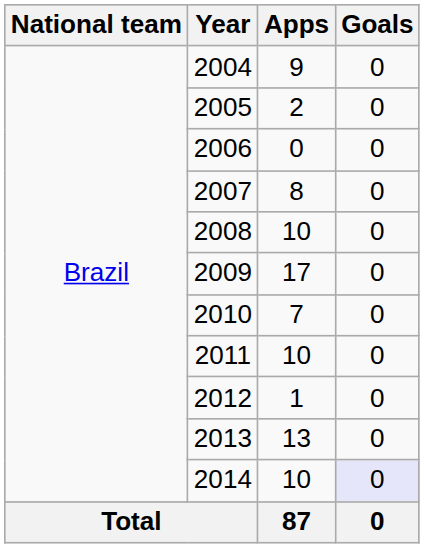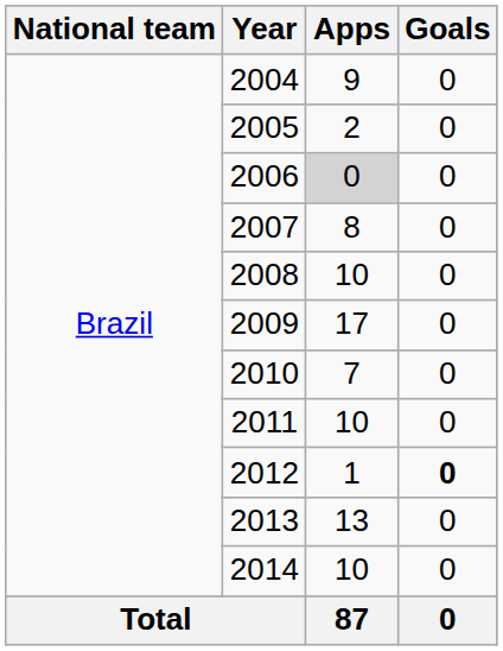 <table class=wikitable style="text-align: center;">
 <tr>
 <th>National team</th>
 <th>Year</th>
 <th>Apps</th>
 <th>Goals</th>
 </tr>
 <tr>
 <td rowspan=11><a href='#'>Brazil</a></td>
 <td>2004</td>
 <td>9</td>
 <td>0</td>
 </tr>
 <tr>
 <td>2005</td>
 <td>2</td>
 <td>0</td>
 </tr>
 <tr>
 <td>2006</td>
-<td>0</td>
+<td style="background: lightgrey;">0</td>
 <td>0</td>
 </tr>
 <tr>
 <td>2007</td>
 <td>8</td>
 <td>0</td>
 </tr>
 <tr>
 <td>2008</td>
 <td>10</td>
 <td>0</td>
 </tr>
 <tr>
 <td>2009</td>
 <td>17</td>
 <td>0</td>
 </tr>
 <tr>
 <td>2010</td>
 <td>7</td>
 <td>0</td>
 </tr>
 <tr>
 <td>2011</td>
 <td>10</td>
 <td>0</td>
 </tr>
 <tr>
 <td>2012</td>
 <td>1</td>
-<td>0</td>
+<td><strong>0</strong></td>
 </tr>
 <tr>
 <td>2013</td>
 <td>13</td>
 <td>0</td>
 </tr>
 <tr>
 <td>2014</td>
 <td>10</td>
-<td style="background: lavender;">0</td>
+<td>0</td>
 </tr>
 <tr>
 <th colspan=2>Total</th>
 <th>87</th>
 <th>0</th>
 </tr>
 </table>
